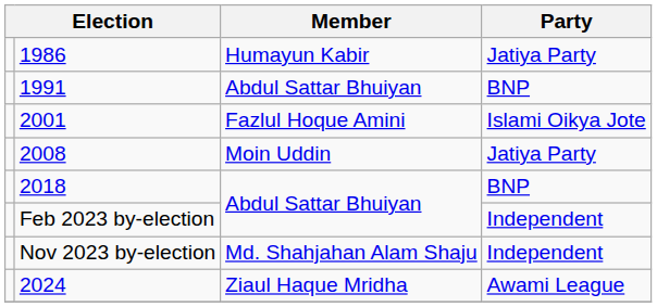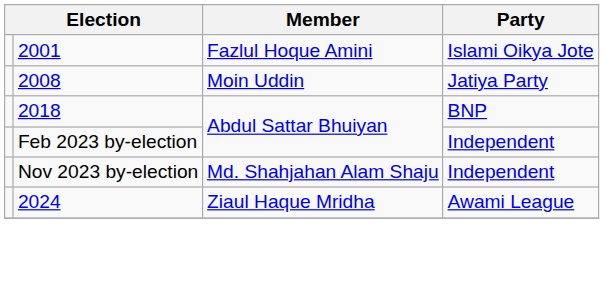 <table class="wikitable">
 <tr>
 <th colspan="2">Election</th>
 <th>Member</th>
 <th>Party</th>
-</tr>
-<tr>
-<td style="background-color:"></td>
-<td><a href='#'>1986</a></td>
-<td><a href='#'>Humayun Kabir</a></td>
-<td><a href='#'>Jatiya Party</a></td>
-</tr>
-<tr>
-<td style="background-color:"></td>
-<td><a href='#'>1991</a></td>
-<td><a href='#'>Abdul Sattar Bhuiyan</a></td>
-<td><a href='#'>BNP</a></td>
 </tr>
 <tr>
 <td style="background-color:"></td>
 <td><a href='#'>2001</a></td>
 <td><a href='#'>Fazlul Hoque Amini</a></td>
 <td><a href='#'>Islami Oikya Jote</a></td>
 </tr>
 <tr>
 <td style="background-color:"></td>
 <td><a href='#'>2008</a></td>
 <td><a href='#'>Moin Uddin</a></td>
 <td><a href='#'>Jatiya Party</a></td>
 </tr>
 <tr>
 <td style="background-color:"></td>
 <td><a href='#'>2018</a></td>
 <td rowspan="2"><a href='#'>Abdul Sattar Bhuiyan</a></td>
 <td><a href='#'>BNP</a></td>
 </tr>
 <tr>
 <td style="background-color:"></td>
 <td>Feb 2023 by-election</td>
 <td><a href='#'>Independent</a></td>
 </tr>
 <tr>
 <td style="background-color:"></td>
 <td>Nov 2023 by-election</td>
 <td><a href='#'>Md. Shahjahan Alam Shaju</a></td>
 <td><a href='#'>Independent</a></td>
 </tr>
 <tr>
 <td style="background-color:"></td>
 <td><a href='#'>2024</a></td>
 <td><a href='#'>Ziaul Haque Mridha</a></td>
 <td><a href='#'>Awami League</a></td>
 </tr>
 <tr>
 </tr>
 </table>
